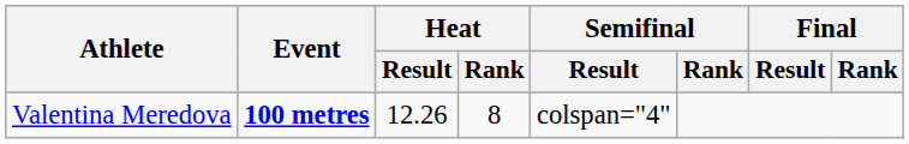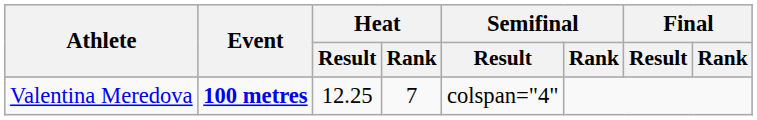 <table class="wikitable" style="font-size:90%">
 <tr>
 <th rowspan="2">Athlete</th>
 <th rowspan="2">Event</th>
 <th colspan="2">Heat</th>
 <th colspan="2">Semifinal</th>
 <th colspan="2">Final</th>
 </tr>
 <tr style="font-size:95%">
 <th>Result</th>
 <th>Rank</th>
 <th>Result</th>
 <th>Rank</th>
 <th>Result</th>
 <th>Rank</th>
 </tr>
 <tr style=text-align:center>
 <td style=text-align:left><a href='#'>Valentina Meredova</a></td>
 <td style=text-align:left><strong><a href='#'>100 metres</a></strong></td>
-<td>12.26</td>
-<td>8</td>
+<td>12.25</td>
+<td>7</td>
 <td>colspan="4" </td>
 </tr>
 </table>
